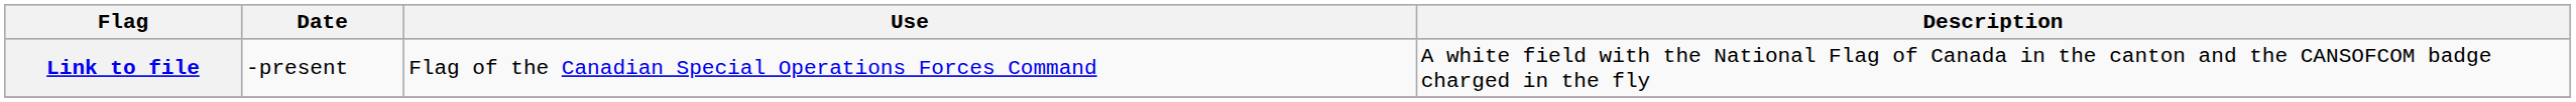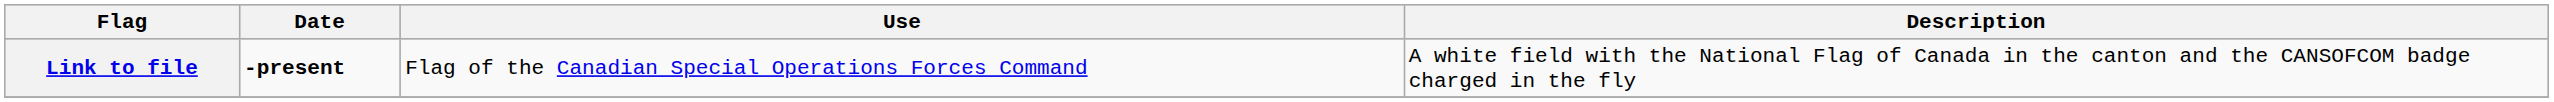 <table class="wikitable">
 <tr>
 <th scope="col">Flag</th>
 <th scope="col">Date</th>
 <th scope="col">Use</th>
 <th scope="col" style="width: 45%;">Description</th>
 </tr>
 <tr>
 <th scope="row"><a href='#'>Link to file</a></th>
-<td>-present</td>
+<td><strong>-present</strong></td>
 <td>Flag of the <a href='#'>Canadian Special Operations Forces Command</a></td>
 <td>A white field with the National Flag of Canada in the canton and the CANSOFCOM badge charged in the fly</td>
 </tr>
 <tr>
 </tr>
 </table>
